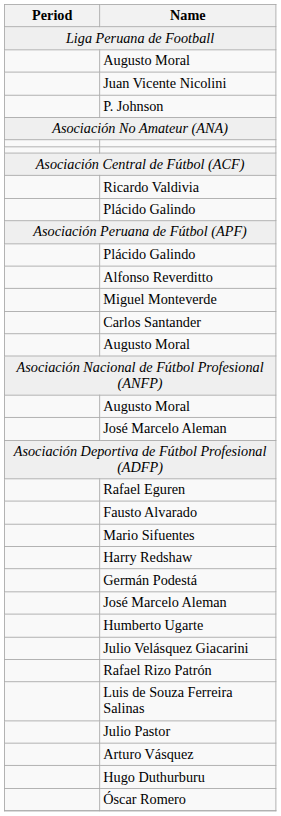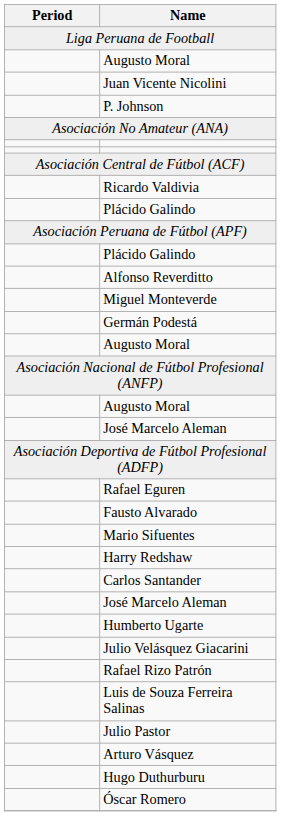 <table class="wikitable sortable">
 <tr>
 <th width=100px>Period</th>
 <th width=190px>Name</th>
 </tr>
 <tr bgcolor=#efefef>
 <td colspan="2" align=center><em>Liga Peruana de Football</em></td>
 </tr>
 <tr>
 <td></td>
 <td>Augusto Moral</td>
 </tr>
 <tr>
 <td></td>
 <td>Juan Vicente Nicolini</td>
 </tr>
 <tr>
 <td></td>
 <td>P. Johnson</td>
 </tr>
 <tr bgcolor=#efefef>
 <td colspan="2" align=center><em>Asociación No Amateur (ANA)</em></td>
 </tr>
 <tr>
 <td></td>
 <td></td>
 </tr>
 <tr>
 <td></td>
 <td></td>
 </tr>
 <tr bgcolor=#efefef>
 <td colspan="2" align=center><em>Asociación Central de Fútbol (ACF)</em></td>
 </tr>
 <tr>
 <td></td>
 <td>Ricardo Valdivia</td>
 </tr>
 <tr>
 <td></td>
 <td>Plácido Galindo</td>
 </tr>
 <tr bgcolor=#efefef>
 <td colspan="2" align=center><em>Asociación Peruana de Fútbol (APF)</em></td>
 </tr>
 <tr>
 <td></td>
 <td>Plácido Galindo</td>
 </tr>
 <tr>
 <td></td>
 <td>Alfonso Reverditto</td>
 </tr>
 <tr>
 <td></td>
 <td>Miguel Monteverde</td>
 </tr>
 <tr>
 <td></td>
-<td>Carlos Santander</td>
+<td>Germán Podestá</td>
 </tr>
 <tr>
 <td></td>
 <td>Augusto Moral</td>
 </tr>
 <tr bgcolor=#efefef>
 <td colspan="2" align=center><em>Asociación Nacional de Fútbol Profesional (ANFP)</em></td>
 </tr>
 <tr>
 <td></td>
 <td>Augusto Moral</td>
 </tr>
 <tr>
 <td></td>
 <td>José Marcelo Aleman</td>
 </tr>
 <tr bgcolor=#efefef>
 <td colspan="2" align=center><em>Asociación Deportiva de Fútbol Profesional (ADFP)</em></td>
 </tr>
 <tr>
 <td></td>
 <td>Rafael Eguren</td>
 </tr>
 <tr>
 <td></td>
 <td>Fausto Alvarado</td>
 </tr>
 <tr>
 <td></td>
 <td>Mario Sifuentes</td>
 </tr>
 <tr>
 <td></td>
 <td>Harry Redshaw</td>
 </tr>
 <tr>
 <td></td>
-<td>Germán Podestá</td>
+<td>Carlos Santander</td>
 </tr>
 <tr>
 <td></td>
 <td>José Marcelo Aleman</td>
 </tr>
 <tr>
 <td></td>
 <td>Humberto Ugarte</td>
 </tr>
 <tr>
 <td></td>
 <td>Julio Velásquez Giacarini</td>
 </tr>
 <tr>
 <td></td>
 <td>Rafael Rizo Patrón</td>
 </tr>
 <tr>
 <td></td>
 <td>Luis de Souza Ferreira Salinas</td>
 </tr>
 <tr>
 <td></td>
 <td>Julio Pastor</td>
 </tr>
 <tr>
 <td></td>
 <td>Arturo Vásquez</td>
 </tr>
 <tr>
 <td></td>
 <td>Hugo Duthurburu</td>
 </tr>
 <tr>
 <td></td>
 <td>Óscar Romero</td>
 </tr>
 <tr>
 </tr>
 </table>
